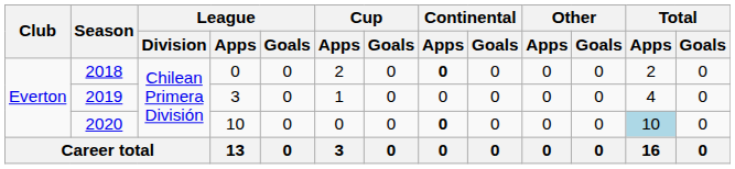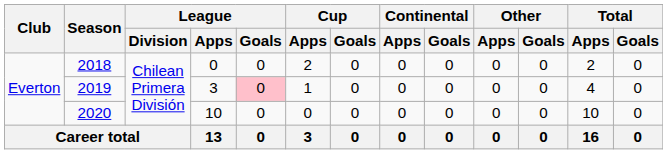 <table class="wikitable" style="text-align:center">
 <tr>
 <th rowspan="2">Club</th>
 <th rowspan="2">Season</th>
 <th colspan="3">League</th>
 <th colspan="2">Cup</th>
 <th colspan="2">Continental</th>
 <th colspan="2">Other</th>
 <th colspan="2">Total</th>
 </tr>
 <tr>
 <th>Division</th>
 <th>Apps</th>
 <th>Goals</th>
 <th>Apps</th>
 <th>Goals</th>
 <th>Apps</th>
 <th>Goals</th>
 <th>Apps</th>
 <th>Goals</th>
 <th>Apps</th>
 <th>Goals</th>
 </tr>
 <tr>
 <td rowspan="3"><a href='#'>Everton</a></td>
 <td><a href='#'>2018</a></td>
 <td rowspan="3"><a href='#'>Chilean Primera División</a></td>
 <td>0</td>
 <td>0</td>
 <td>2</td>
 <td>0</td>
-<td><strong>0</strong></td>
+<td>0</td>
 <td>0</td>
 <td>0</td>
 <td>0</td>
 <td>2</td>
 <td>0</td>
 </tr>
 <tr>
 <td><a href='#'>2019</a></td>
 <td>3</td>
-<td>0</td>
+<td style="background: pink;">0</td>
 <td>1</td>
 <td>0</td>
 <td>0</td>
 <td>0</td>
 <td>0</td>
 <td>0</td>
 <td>4</td>
 <td>0</td>
 </tr>
 <tr>
 <td><a href='#'>2020</a></td>
 <td>10</td>
 <td>0</td>
 <td>0</td>
 <td>0</td>
-<td><strong>0</strong></td>
 <td>0</td>
 <td>0</td>
 <td>0</td>
-<td style="background: lightblue;">10</td>
+<td>0</td>
+<td>10</td>
 <td>0</td>
 </tr>
 <tr>
 <th colspan="3">Career total</th>
 <th>13</th>
 <th>0</th>
 <th>3</th>
 <th>0</th>
 <th>0</th>
 <th>0</th>
 <th>0</th>
 <th>0</th>
 <th>16</th>
 <th>0</th>
 </tr>
 </table>
